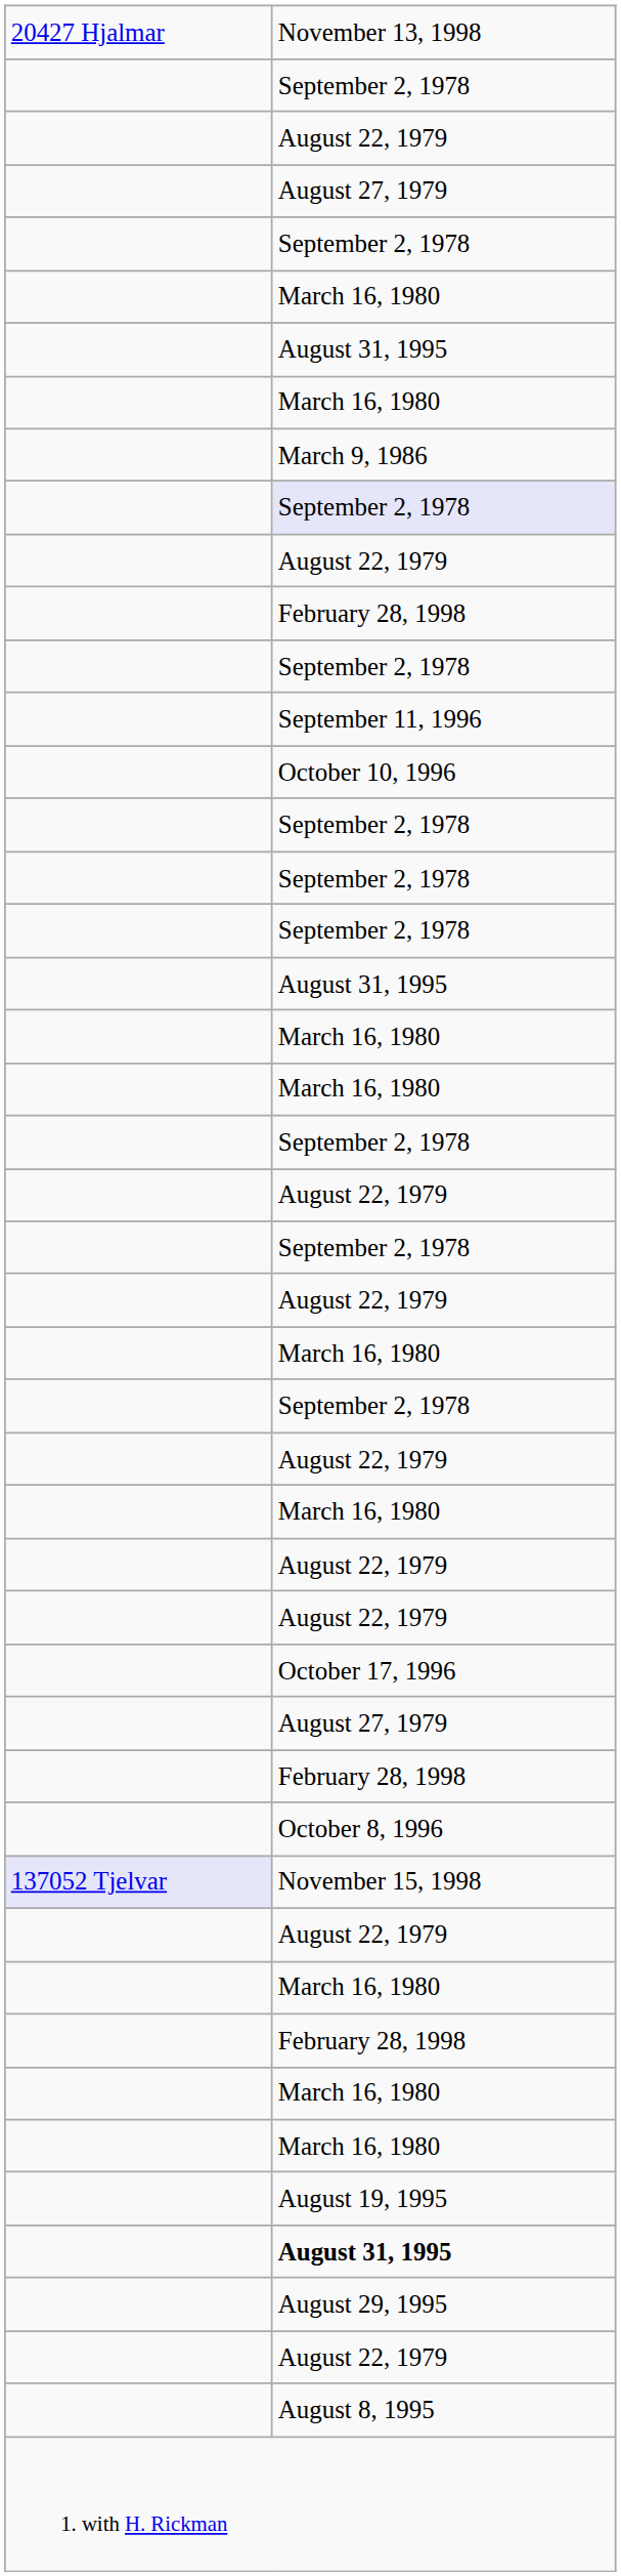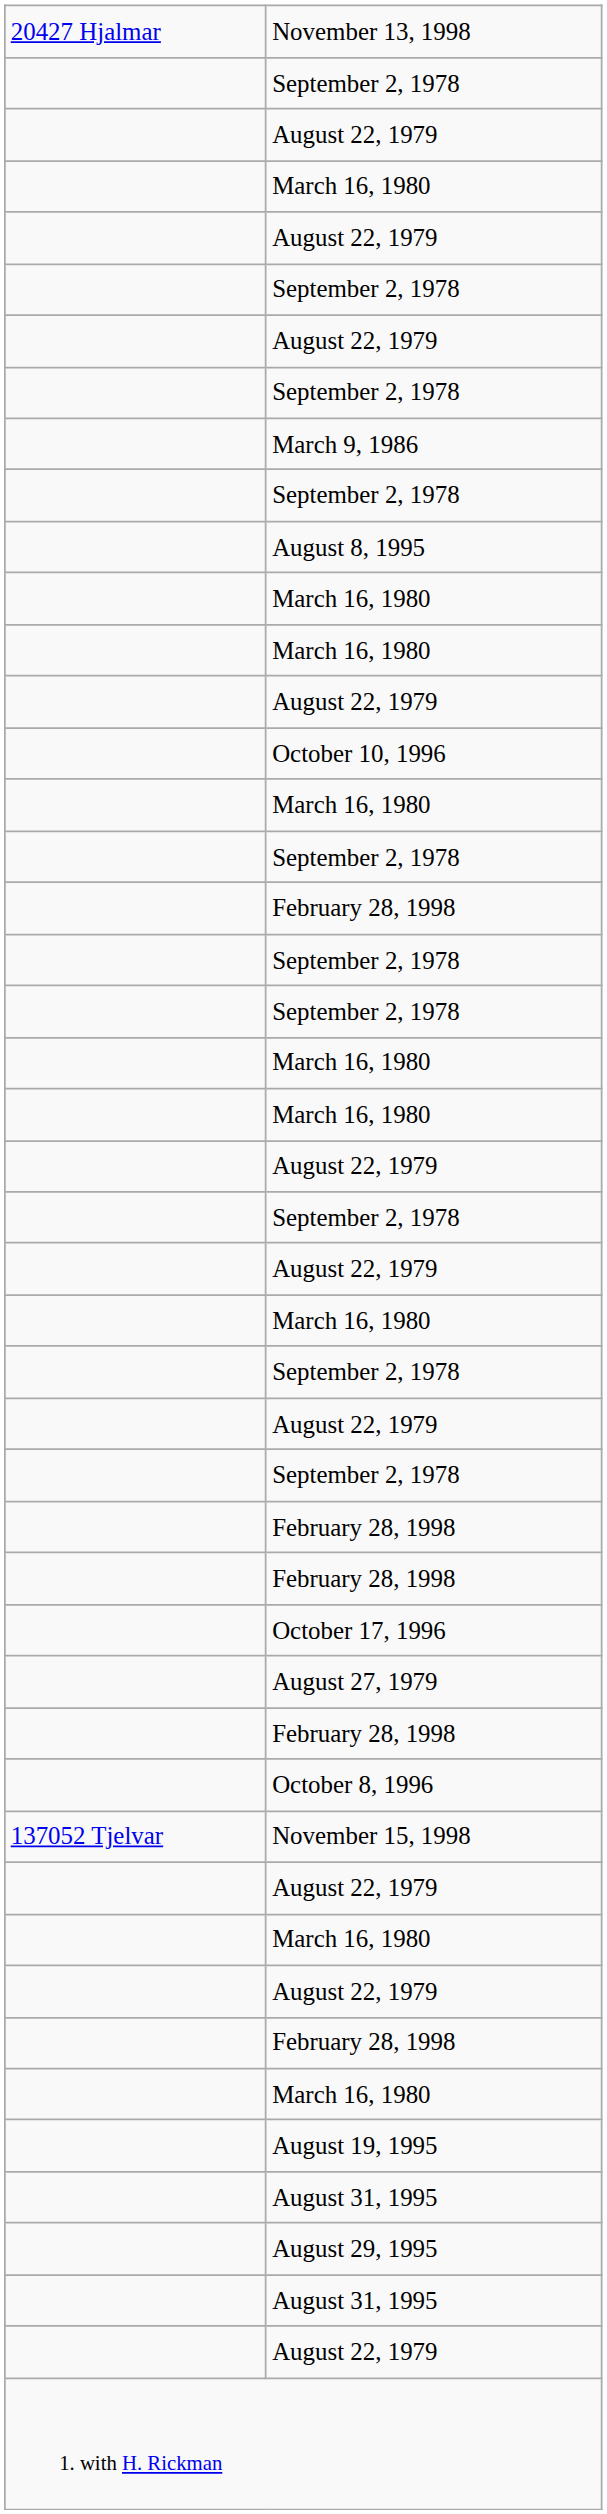 <table class="wikitable" style="font-size: 89%; float: left; width: 24em; margin-right: 1em; line-height: 1.6em !important;">
 <tr>
 <td><a href='#'>20427 Hjalmar</a></td>
 <td>November 13, 1998</td>
 </tr>
 <tr>
 <td></td>
 <td>September 2, 1978</td>
 </tr>
 <tr>
 <td></td>
 <td>August 22, 1979</td>
 </tr>
 <tr>
 <td></td>
-<td>August 27, 1979</td>
+<td>March 16, 1980</td>
+</tr>
+<tr>
+<td></td>
+<td>August 22, 1979</td>
+</tr>
+<tr>
+<td></td>
+<td>September 2, 1978</td>
+</tr>
+<tr>
+<td></td>
+<td>August 22, 1979</td>
+</tr>
+<tr>
+<td></td>
+<td>September 2, 1978</td>
+</tr>
+<tr>
+<td></td>
+<td>March 9, 1986</td>
+</tr>
+<tr>
+<td></td>
+<td>September 2, 1978</td>
+</tr>
+<tr>
+<td></td>
+<td>August 8, 1995</td>
+</tr>
+<tr>
+<td></td>
+<td>March 16, 1980</td>
+</tr>
+<tr>
+<td></td>
+<td>March 16, 1980</td>
+</tr>
+<tr>
+<td></td>
+<td>August 22, 1979</td>
+</tr>
+<tr>
+<td></td>
+<td>October 10, 1996</td>
+</tr>
+<tr>
+<td></td>
+<td>March 16, 1980</td>
+</tr>
+<tr>
+<td></td>
+<td>September 2, 1978</td>
+</tr>
+<tr>
+<td></td>
+<td>February 28, 1998</td>
+</tr>
+<tr>
+<td></td>
+<td>September 2, 1978</td>
 </tr>
 <tr>
 <td></td>
 <td>September 2, 1978</td>
 </tr>
 <tr>
 <td></td>
 <td>March 16, 1980</td>
 </tr>
 <tr>
 <td></td>
-<td>August 31, 1995</td>
-</tr>
-<tr>
-<td></td>
 <td>March 16, 1980</td>
-</tr>
-<tr>
-<td></td>
-<td>March 9, 1986</td>
-</tr>
-<tr>
-<td></td>
-<td style="background: lavender;">September 2, 1978</td>
-</tr>
-<tr>
-<td></td>
-<td>August 22, 1979</td>
-</tr>
-<tr>
-<td></td>
-<td>February 28, 1998</td>
-</tr>
-<tr>
-<td></td>
-<td>September 2, 1978</td>
-</tr>
-<tr>
-<td></td>
-<td>September 11, 1996</td>
-</tr>
-<tr>
-<td></td>
-<td>October 10, 1996</td>
-</tr>
-<tr>
-<td></td>
-<td>September 2, 1978</td>
-</tr>
-<tr>
-<td></td>
-<td>September 2, 1978</td>
-</tr>
-<tr>
-<td></td>
-<td>September 2, 1978</td>
-</tr>
-<tr>
-<td></td>
-<td>August 31, 1995</td>
-</tr>
-<tr>
-<td></td>
-<td>March 16, 1980</td>
-</tr>
-<tr>
-<td></td>
-<td>March 16, 1980</td>
-</tr>
-<tr>
-<td></td>
-<td>September 2, 1978</td>
 </tr>
 <tr>
 <td></td>
 <td>August 22, 1979</td>
 </tr>
 <tr>
 <td></td>
 <td>September 2, 1978</td>
 </tr>
 <tr>
 <td></td>
 <td>August 22, 1979</td>
 </tr>
 <tr>
 <td></td>
 <td>March 16, 1980</td>
 </tr>
 <tr>
 <td></td>
 <td>September 2, 1978</td>
 </tr>
 <tr>
 <td></td>
 <td>August 22, 1979</td>
 </tr>
 <tr>
 <td></td>
-<td>March 16, 1980</td>
+<td>September 2, 1978</td>
 </tr>
 <tr>
 <td></td>
-<td>August 22, 1979</td>
+<td>February 28, 1998</td>
 </tr>
 <tr>
 <td></td>
-<td>August 22, 1979</td>
+<td>February 28, 1998</td>
 </tr>
 <tr>
 <td></td>
 <td>October 17, 1996</td>
 </tr>
 <tr>
 <td></td>
 <td>August 27, 1979</td>
 </tr>
 <tr>
 <td></td>
 <td>February 28, 1998</td>
 </tr>
 <tr>
 <td></td>
 <td>October 8, 1996</td>
 </tr>
 <tr>
-<td style="background: lavender;"><a href='#'>137052 Tjelvar</a></td>
+<td><a href='#'>137052 Tjelvar</a></td>
 <td>November 15, 1998</td>
 </tr>
 <tr>
 <td></td>
 <td>August 22, 1979</td>
 </tr>
 <tr>
 <td></td>
 <td>March 16, 1980</td>
 </tr>
 <tr>
 <td></td>
-<td>February 28, 1998</td>
+<td>August 22, 1979</td>
 </tr>
 <tr>
 <td></td>
-<td>March 16, 1980</td>
+<td>February 28, 1998</td>
 </tr>
 <tr>
 <td></td>
 <td>March 16, 1980</td>
 </tr>
 <tr>
 <td></td>
 <td>August 19, 1995</td>
 </tr>
 <tr>
 <td></td>
-<td><strong>August 31, 1995</strong></td>
+<td>August 31, 1995</td>
 </tr>
 <tr>
 <td></td>
 <td>August 29, 1995</td>
 </tr>
 <tr>
 <td></td>
-<td>August 22, 1979</td>
+<td>August 31, 1995</td>
 </tr>
 <tr>
 <td></td>
-<td>August 8, 1995</td>
+<td>August 22, 1979</td>
 </tr>
 <tr>
 <td colspan="2" style="font-size: smaller;"><br><ol><li> with <a href='#'>H. Rickman</a></li></ol></td>
 </tr>
 </table>
